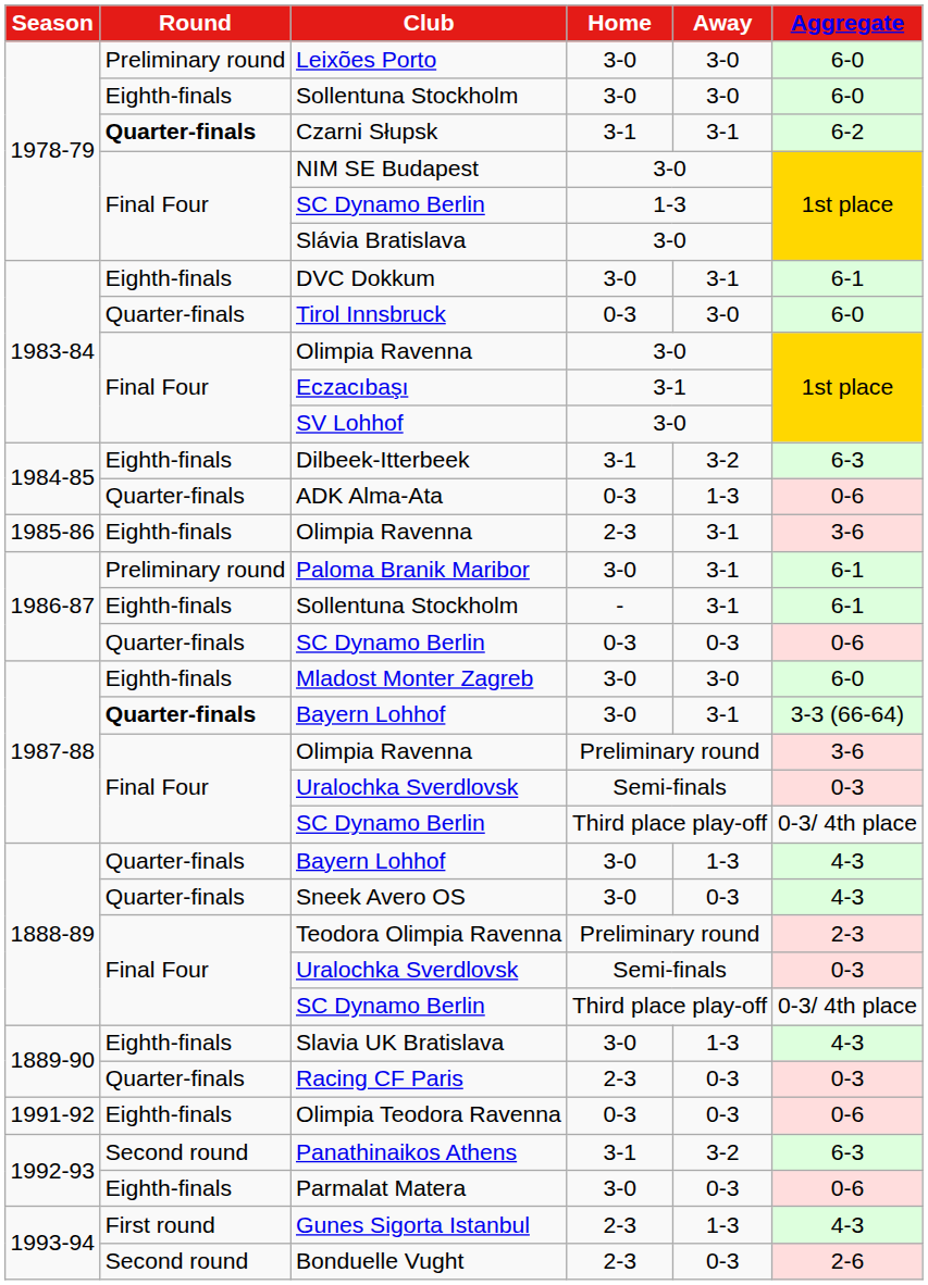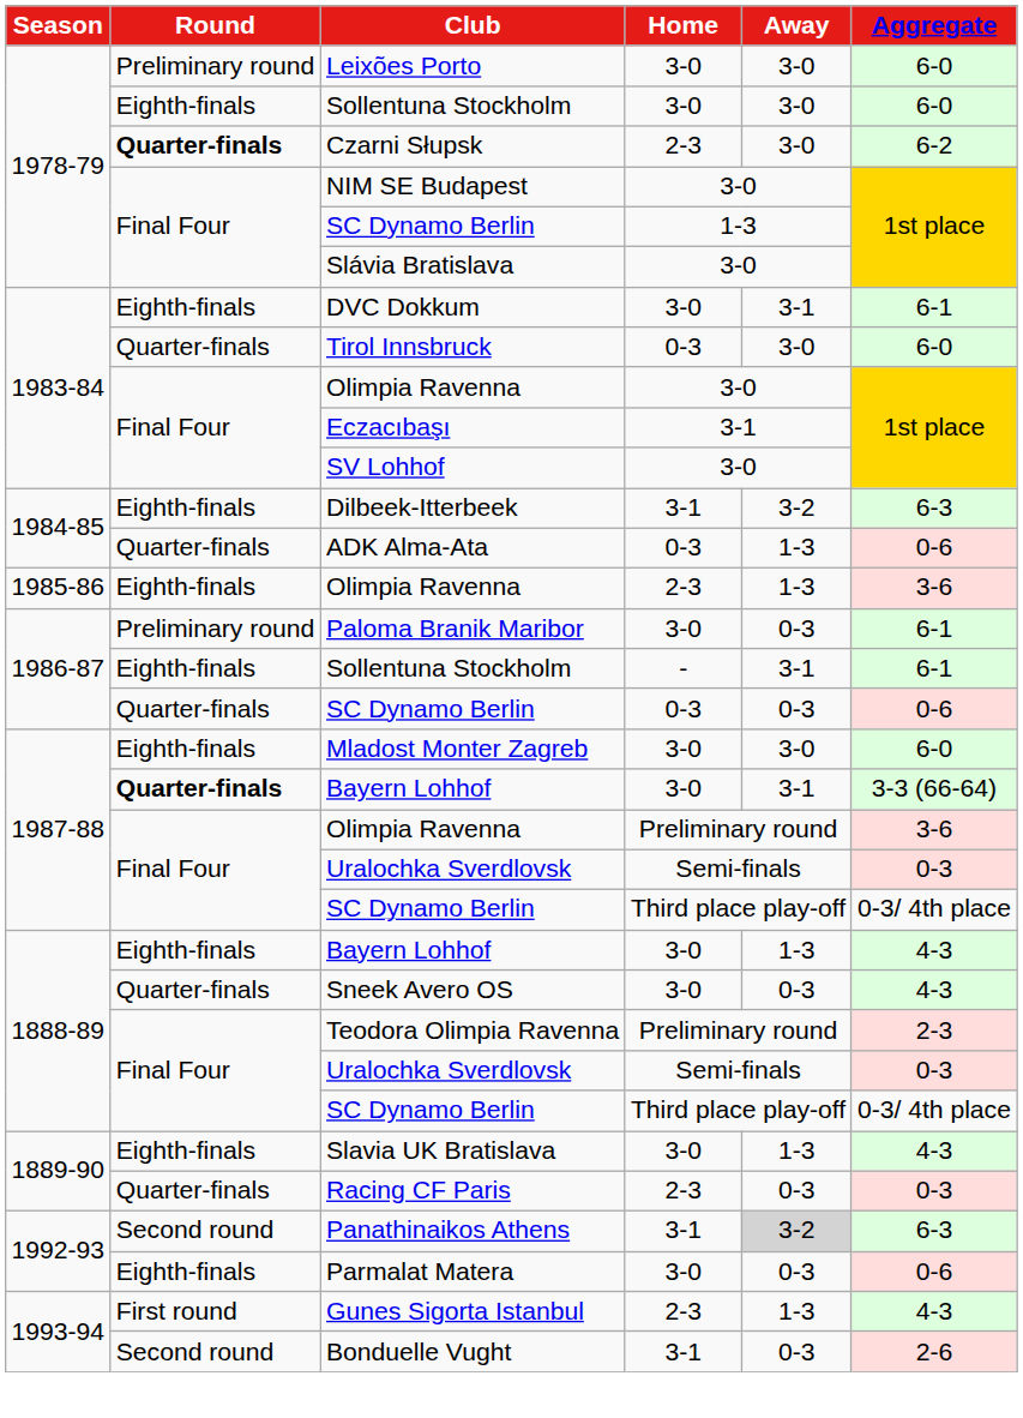 <table class="wikitable">
 <tr>
 <th style="color:white; background:#E41B17;">Season</th>
 <th style="color:white; background:#E41B17;">Round</th>
 <th style="color:white; background:#E41B17;">Club</th>
 <th style="color:white; background:#E41B17;">Home</th>
 <th style="color:white; background:#E41B17;">Away</th>
 <th style="color:white; background:#E41B17;"><a href='#'>Aggregate</a></th>
 </tr>
 <tr>
 <td rowspan="6">1978-79</td>
 <td>Preliminary round</td>
 <td><a href='#'>Leixões Porto</a></td>
 <td style="text-align:center">3-0</td>
 <td style="text-align:center">3-0</td>
 <td style="text-align:center; background:#dfd;">6-0</td>
 </tr>
 <tr>
 <td>Eighth-finals</td>
 <td>Sollentuna Stockholm</td>
 <td style="text-align:center">3-0</td>
 <td style="text-align:center">3-0</td>
 <td style="text-align:center; background:#dfd;">6-0</td>
 </tr>
 <tr>
 <td><strong>Quarter-finals</strong></td>
 <td>Czarni Słupsk</td>
-<td style="text-align:center">3-1</td>
-<td style="text-align:center">3-1</td>
+<td style="text-align:center">2-3</td>
+<td style="text-align:center">3-0</td>
 <td style="text-align:center; background:#dfd;">6-2</td>
 </tr>
 <tr>
 <td rowspan="3">Final Four</td>
 <td>NIM SE Budapest</td>
 <td colspan="2" style="text-align:center">3-0</td>
 <td rowspan="3" style="text-align:center; background:gold">1st place </td>
 </tr>
 <tr>
 <td><a href='#'>SC Dynamo Berlin</a></td>
 <td colspan="2" style="text-align:center">1-3</td>
 </tr>
 <tr>
 <td>Slávia Bratislava</td>
 <td colspan="2" style="text-align:center">3-0</td>
 </tr>
 <tr>
 <td rowspan="5">1983-84</td>
 <td>Eighth-finals</td>
 <td>DVC Dokkum</td>
 <td style="text-align:center">3-0</td>
 <td style="text-align:center">3-1</td>
 <td style="text-align:center; background:#dfd;">6-1</td>
 </tr>
 <tr>
 <td>Quarter-finals</td>
 <td><a href='#'>Tirol Innsbruck</a></td>
 <td style="text-align:center">0-3</td>
 <td style="text-align:center">3-0</td>
 <td style="text-align:center; background:#dfd;">6-0</td>
 </tr>
 <tr>
 <td rowspan="3">Final Four</td>
 <td>Olimpia Ravenna</td>
 <td colspan="2" style="text-align:center">3-0</td>
 <td rowspan="3" style="text-align:center; background:gold">1st place </td>
 </tr>
 <tr>
 <td><a href='#'>Eczacıbaşı</a></td>
 <td colspan="2" style="text-align:center">3-1</td>
 </tr>
 <tr>
 <td><a href='#'>SV Lohhof</a></td>
 <td colspan="2" style="text-align:center">3-0</td>
 </tr>
 <tr>
 <td rowspan="2">1984-85</td>
 <td>Eighth-finals</td>
 <td>Dilbeek-Itterbeek</td>
 <td style="text-align:center">3-1</td>
 <td style="text-align:center">3-2</td>
 <td style="text-align:center; background:#dfd;">6-3</td>
 </tr>
 <tr>
 <td>Quarter-finals</td>
 <td>ADK Alma-Ata</td>
 <td style="text-align:center">0-3</td>
 <td style="text-align:center">1-3</td>
 <td style="text-align:center; background:#fdd;">0-6</td>
 </tr>
 <tr>
 <td>1985-86</td>
 <td>Eighth-finals</td>
 <td>Olimpia Ravenna</td>
 <td style="text-align:center">2-3</td>
-<td style="text-align:center">3-1</td>
+<td style="text-align:center">1-3</td>
 <td style="text-align:center; background:#fdd;">3-6</td>
 </tr>
 <tr>
 <td rowspan="3">1986-87</td>
 <td>Preliminary round</td>
 <td><a href='#'>Paloma Branik Maribor</a></td>
 <td style="text-align:center">3-0</td>
-<td style="text-align:center">3-1</td>
+<td style="text-align:center">0-3</td>
 <td style="text-align:center; background:#dfd;">6-1</td>
 </tr>
 <tr>
 <td>Eighth-finals</td>
 <td>Sollentuna Stockholm</td>
 <td style="text-align:center">-</td>
 <td style="text-align:center">3-1</td>
 <td style="text-align:center; background:#dfd;">6-1</td>
 </tr>
 <tr>
 <td>Quarter-finals</td>
 <td><a href='#'>SC Dynamo Berlin</a></td>
 <td style="text-align:center">0-3</td>
 <td style="text-align:center">0-3</td>
 <td style="text-align:center; background:#fdd;">0-6</td>
 </tr>
 <tr>
 <td rowspan="5">1987-88</td>
 <td>Eighth-finals</td>
 <td><a href='#'>Mladost Monter Zagreb</a></td>
 <td style="text-align:center">3-0</td>
 <td style="text-align:center">3-0</td>
 <td style="text-align:center; background:#dfd;">6-0</td>
 </tr>
 <tr>
 <td><strong>Quarter-finals</strong></td>
 <td><a href='#'>Bayern Lohhof</a></td>
 <td style="text-align:center">3-0</td>
 <td style="text-align:center">3-1</td>
 <td style="text-align:center; background:#dfd;">3-3 (66-64)</td>
 </tr>
 <tr>
 <td rowspan="3">Final Four</td>
 <td>Olimpia Ravenna</td>
 <td colspan="2" style="text-align:center">Preliminary round</td>
 <td style="text-align:center; background:#fdd;">3-6</td>
 </tr>
 <tr>
 <td><a href='#'>Uralochka Sverdlovsk</a></td>
 <td colspan="2" style="text-align:center">Semi-finals</td>
 <td style="text-align:center; background:#fdd;">0-3</td>
 </tr>
 <tr>
 <td><a href='#'>SC Dynamo Berlin</a></td>
 <td colspan="2" style="text-align:center">Third place play-off</td>
 <td style="text-align:center">0-3/ 4th place</td>
 </tr>
 <tr>
 <td rowspan="5">1888-89</td>
-<td>Quarter-finals</td>
+<td>Eighth-finals</td>
 <td><a href='#'>Bayern Lohhof</a></td>
 <td style="text-align:center">3-0</td>
 <td style="text-align:center">1-3</td>
 <td style="text-align:center; background:#dfd;">4-3</td>
 </tr>
 <tr>
 <td>Quarter-finals</td>
 <td>Sneek Avero OS</td>
 <td style="text-align:center">3-0</td>
 <td style="text-align:center">0-3</td>
 <td style="text-align:center; background:#dfd;">4-3</td>
 </tr>
 <tr>
 <td rowspan="3">Final Four</td>
 <td>Teodora Olimpia Ravenna</td>
 <td colspan="2" style="text-align:center">Preliminary round</td>
 <td style="text-align:center; background:#fdd;">2-3</td>
 </tr>
 <tr>
 <td><a href='#'>Uralochka Sverdlovsk</a></td>
 <td colspan="2" style="text-align:center">Semi-finals</td>
 <td style="text-align:center; background:#fdd;">0-3</td>
 </tr>
 <tr>
 <td><a href='#'>SC Dynamo Berlin</a></td>
 <td colspan="2" style="text-align:center">Third place play-off</td>
 <td style="text-align:center">0-3/ 4th place</td>
 </tr>
 <tr>
 <td rowspan="2">1889-90</td>
 <td>Eighth-finals</td>
 <td>Slavia UK Bratislava</td>
 <td style="text-align:center">3-0</td>
 <td style="text-align:center">1-3</td>
 <td style="text-align:center; background:#dfd;">4-3</td>
 </tr>
 <tr>
 <td>Quarter-finals</td>
 <td><a href='#'>Racing CF Paris</a></td>
 <td style="text-align:center">2-3</td>
 <td style="text-align:center">0-3</td>
 <td style="text-align:center; background:#fdd;">0-3</td>
 </tr>
 <tr>
-<td>1991-92</td>
-<td>Eighth-finals</td>
-<td>Olimpia Teodora Ravenna</td>
-<td style="text-align:center">0-3</td>
-<td style="text-align:center">0-3</td>
-<td style="text-align:center; background:#fdd;">0-6</td>
-</tr>
-<tr>
 <td rowspan="2">1992-93</td>
 <td>Second round</td>
 <td><a href='#'>Panathinaikos Athens</a></td>
 <td style="text-align:center">3-1</td>
-<td style="text-align:center">3-2</td>
+<td style="background: lightgrey; text-align:center">3-2</td>
 <td style="text-align:center; background:#dfd;">6-3</td>
 </tr>
 <tr>
 <td>Eighth-finals</td>
 <td>Parmalat Matera</td>
 <td style="text-align:center">3-0</td>
 <td style="text-align:center">0-3</td>
 <td style="text-align:center; background:#fdd;">0-6</td>
 </tr>
 <tr>
 <td rowspan="2">1993-94</td>
 <td>First round</td>
 <td><a href='#'>Gunes Sigorta Istanbul</a></td>
 <td style="text-align:center">2-3</td>
 <td style="text-align:center">1-3</td>
 <td style="text-align:center; background:#dfd;">4-3</td>
 </tr>
 <tr>
 <td>Second round</td>
 <td>Bonduelle Vught</td>
-<td style="text-align:center">2-3</td>
+<td style="text-align:center">3-1</td>
 <td style="text-align:center">0-3</td>
 <td style="text-align:center; background:#fdd;">2-6</td>
 </tr>
 </table>
